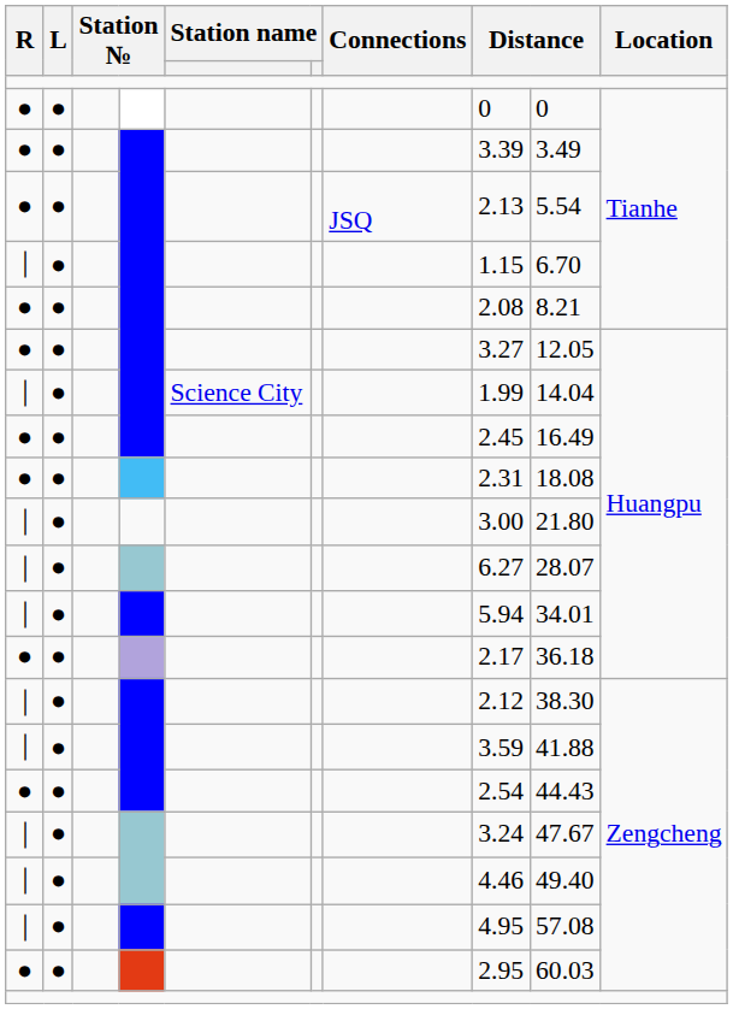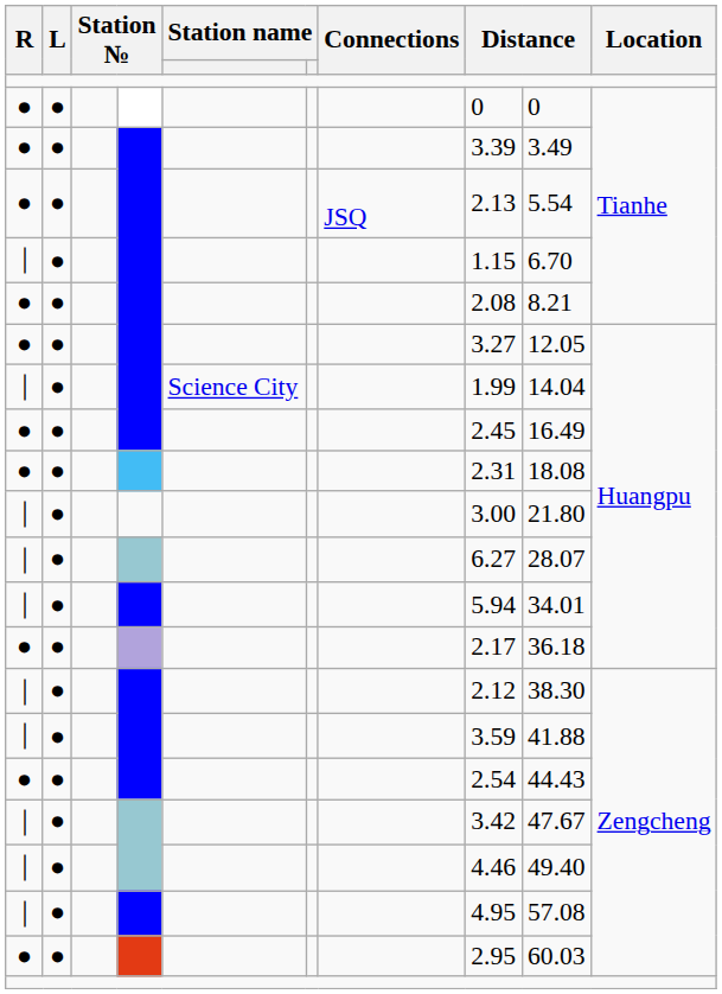 <table class="wikitable">
 <tr>
 <th rowspan="2">R</th>
 <th rowspan="2">L</th>
 <th rowspan="2" colspan="2">Station<br>№</th>
 <th colspan="2">Station name</th>
 <th rowspan="2">Connections</th>
 <th colspan="2" rowspan="2">Distance<br></th>
 <th rowspan="2">Location</th>
 </tr>
 <tr>
 <th></th>
 <th></th>
 </tr>
 <tr style="background:#">
 <td colspan = "10"></td>
 </tr>
 <tr>
 <td align="center">●</td>
 <td align="center">●</td>
 <td></td>
 <td style="background:white;"></td>
 <td></td>
 <td></td>
 <td>  </td>
 <td>0</td>
 <td>0</td>
 <td rowspan="5"><a href='#'>Tianhe</a></td>
 </tr>
 <tr>
 <td align="center">●</td>
 <td align="center">●</td>
 <td></td>
 <td style="background:blue;" rowspan="7"></td>
 <td></td>
 <td></td>
 <td></td>
 <td>3.39</td>
 <td>3.49</td>
 </tr>
 <tr>
 <td align="center">●</td>
 <td align="center">●</td>
 <td></td>
 <td></td>
 <td></td>
 <td> <br> <a href='#'>JSQ</a></td>
 <td>2.13</td>
 <td>5.54</td>
 </tr>
 <tr>
 <td align="center">｜</td>
 <td align="center">●</td>
 <td></td>
 <td></td>
 <td></td>
 <td></td>
 <td>1.15</td>
 <td>6.70</td>
 </tr>
 <tr>
 <td align="center">●</td>
 <td align="center">●</td>
 <td></td>
 <td></td>
 <td></td>
 <td></td>
 <td>2.08</td>
 <td>8.21</td>
 </tr>
 <tr>
 <td align="center">●</td>
 <td align="center">●</td>
 <td></td>
 <td></td>
 <td></td>
 <td></td>
 <td>3.27</td>
 <td>12.05</td>
 <td rowspan="8"><a href='#'>Huangpu</a></td>
 </tr>
 <tr>
 <td align="center">｜</td>
 <td align="center">●</td>
 <td></td>
 <td><a href='#'>Science City</a></td>
 <td></td>
 <td></td>
 <td>1.99</td>
 <td>14.04</td>
 </tr>
 <tr>
 <td align="center">●</td>
 <td align="center">●</td>
 <td></td>
 <td></td>
 <td></td>
 <td> </td>
 <td>2.45</td>
 <td>16.49</td>
 </tr>
 <tr>
 <td align="center">●</td>
 <td align="center">●</td>
 <td></td>
 <td style="background:#42bcf5;"></td>
 <td></td>
 <td></td>
 <td>  </td>
 <td>2.31</td>
 <td>18.08</td>
 </tr>
 <tr>
 <td align="center">｜</td>
 <td align="center">●</td>
 <td></td>
 <td></td>
 <td></td>
 <td></td>
 <td></td>
 <td>3.00</td>
 <td>21.80</td>
 </tr>
 <tr>
 <td align="center">｜</td>
 <td align="center">●</td>
 <td></td>
 <td style="background:#97c8d1;"></td>
 <td></td>
 <td></td>
 <td></td>
 <td>6.27</td>
 <td>28.07</td>
 </tr>
 <tr>
 <td align="center">｜</td>
 <td align="center">●</td>
 <td></td>
 <td style="background:blue;"></td>
 <td></td>
 <td></td>
 <td></td>
 <td>5.94</td>
 <td>34.01</td>
 </tr>
 <tr>
 <td align="center">●</td>
 <td align="center">●</td>
 <td></td>
 <td style="background:#B1A3DC;"></td>
 <td></td>
 <td></td>
 <td> </td>
 <td>2.17</td>
 <td>36.18</td>
 </tr>
 <tr>
 <td align="center">｜</td>
 <td align="center">●</td>
 <td></td>
 <td style="background:blue;" rowspan=3></td>
 <td></td>
 <td></td>
 <td></td>
 <td>2.12</td>
 <td>38.30</td>
 <td rowspan="7"><a href='#'>Zengcheng</a></td>
 </tr>
 <tr>
 <td align="center">｜</td>
 <td align="center">●</td>
 <td></td>
 <td></td>
 <td></td>
 <td></td>
 <td>3.59</td>
 <td>41.88</td>
 </tr>
 <tr>
 <td align="center">●</td>
 <td align="center">●</td>
 <td></td>
 <td></td>
 <td></td>
 <td></td>
 <td>2.54</td>
 <td>44.43</td>
 </tr>
 <tr>
 <td align="center">｜</td>
 <td align="center">●</td>
 <td></td>
 <td style="background:#97c8d1;" rowspan=2></td>
 <td></td>
 <td></td>
 <td></td>
-<td>3.24</td>
+<td>3.42</td>
 <td>47.67</td>
 </tr>
 <tr>
 <td align="center">｜</td>
 <td align="center">●</td>
 <td></td>
 <td></td>
 <td></td>
 <td></td>
 <td>4.46</td>
 <td>49.40</td>
 </tr>
 <tr>
 <td align="center">｜</td>
 <td align="center">●</td>
 <td></td>
 <td style="background:blue;"></td>
 <td></td>
 <td></td>
 <td></td>
 <td>4.95</td>
 <td>57.08</td>
 </tr>
 <tr>
 <td align="center">●</td>
 <td align="center">●</td>
 <td></td>
 <td style="background:#e33a14;"></td>
 <td></td>
 <td></td>
 <td></td>
 <td>2.95</td>
 <td>60.03</td>
 </tr>
 <tr style="background:#">
 <td colspan = "10"></td>
 </tr>
 </table>
